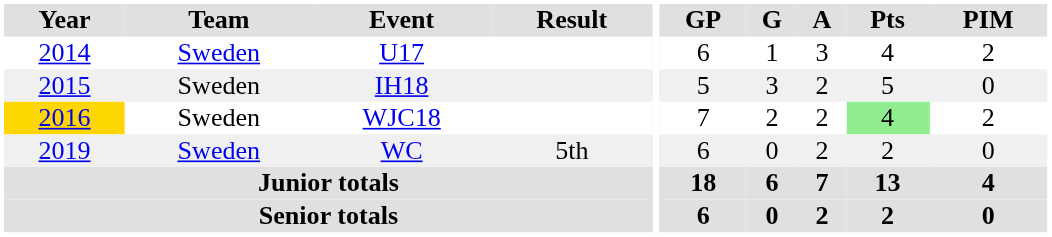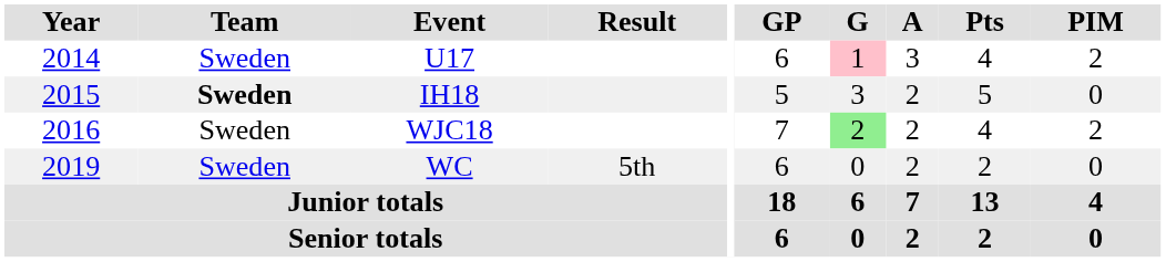 <table border="0" cellpadding="1" cellspacing="0" ID="Table3" style="text-align:center; width:40em;">
 <tr bgcolor="#e0e0e0">
 <th>Year</th>
 <th>Team</th>
 <th>Event</th>
 <th>Result</th>
 <th rowspan="99" bgcolor="#ffffff"></th>
 <th>GP</th>
 <th>G</th>
 <th>A</th>
 <th>Pts</th>
 <th>PIM</th>
 </tr>
 <tr>
 <td><a href='#'>2014</a></td>
 <td><a href='#'>Sweden</a></td>
 <td><a href='#'>U17</a></td>
 <td></td>
 <td>6</td>
-<td>1</td>
+<td style="background: pink;">1</td>
 <td>3</td>
 <td>4</td>
 <td>2</td>
 </tr>
 <tr bgcolor="#f0f0f0">
 <td><a href='#'>2015</a></td>
-<td>Sweden</td>
+<td><strong>Sweden</strong></td>
 <td><a href='#'>IH18</a></td>
 <td></td>
 <td>5</td>
 <td>3</td>
 <td>2</td>
 <td>5</td>
 <td>0</td>
 </tr>
 <tr>
-<td style="background: gold;"><a href='#'>2016</a></td>
+<td><a href='#'>2016</a></td>
 <td>Sweden</td>
 <td><a href='#'>WJC18</a></td>
 <td></td>
 <td>7</td>
+<td style="background: lightgreen;">2</td>
 <td>2</td>
-<td>2</td>
-<td style="background: lightgreen;">4</td>
+<td>4</td>
 <td>2</td>
 </tr>
 <tr bgcolor="#f0f0f0">
 <td><a href='#'>2019</a></td>
 <td><a href='#'>Sweden</a></td>
 <td><a href='#'>WC</a></td>
 <td>5th</td>
 <td>6</td>
 <td>0</td>
 <td>2</td>
 <td>2</td>
 <td>0</td>
 </tr>
 <tr bgcolor="#e0e0e0">
 <th colspan="4">Junior totals</th>
 <th>18</th>
 <th>6</th>
 <th>7</th>
 <th>13</th>
 <th>4</th>
 </tr>
 <tr bgcolor="#e0e0e0">
 <th colspan="4">Senior totals</th>
 <th>6</th>
 <th>0</th>
 <th>2</th>
 <th>2</th>
 <th>0</th>
 </tr>
 </table>
